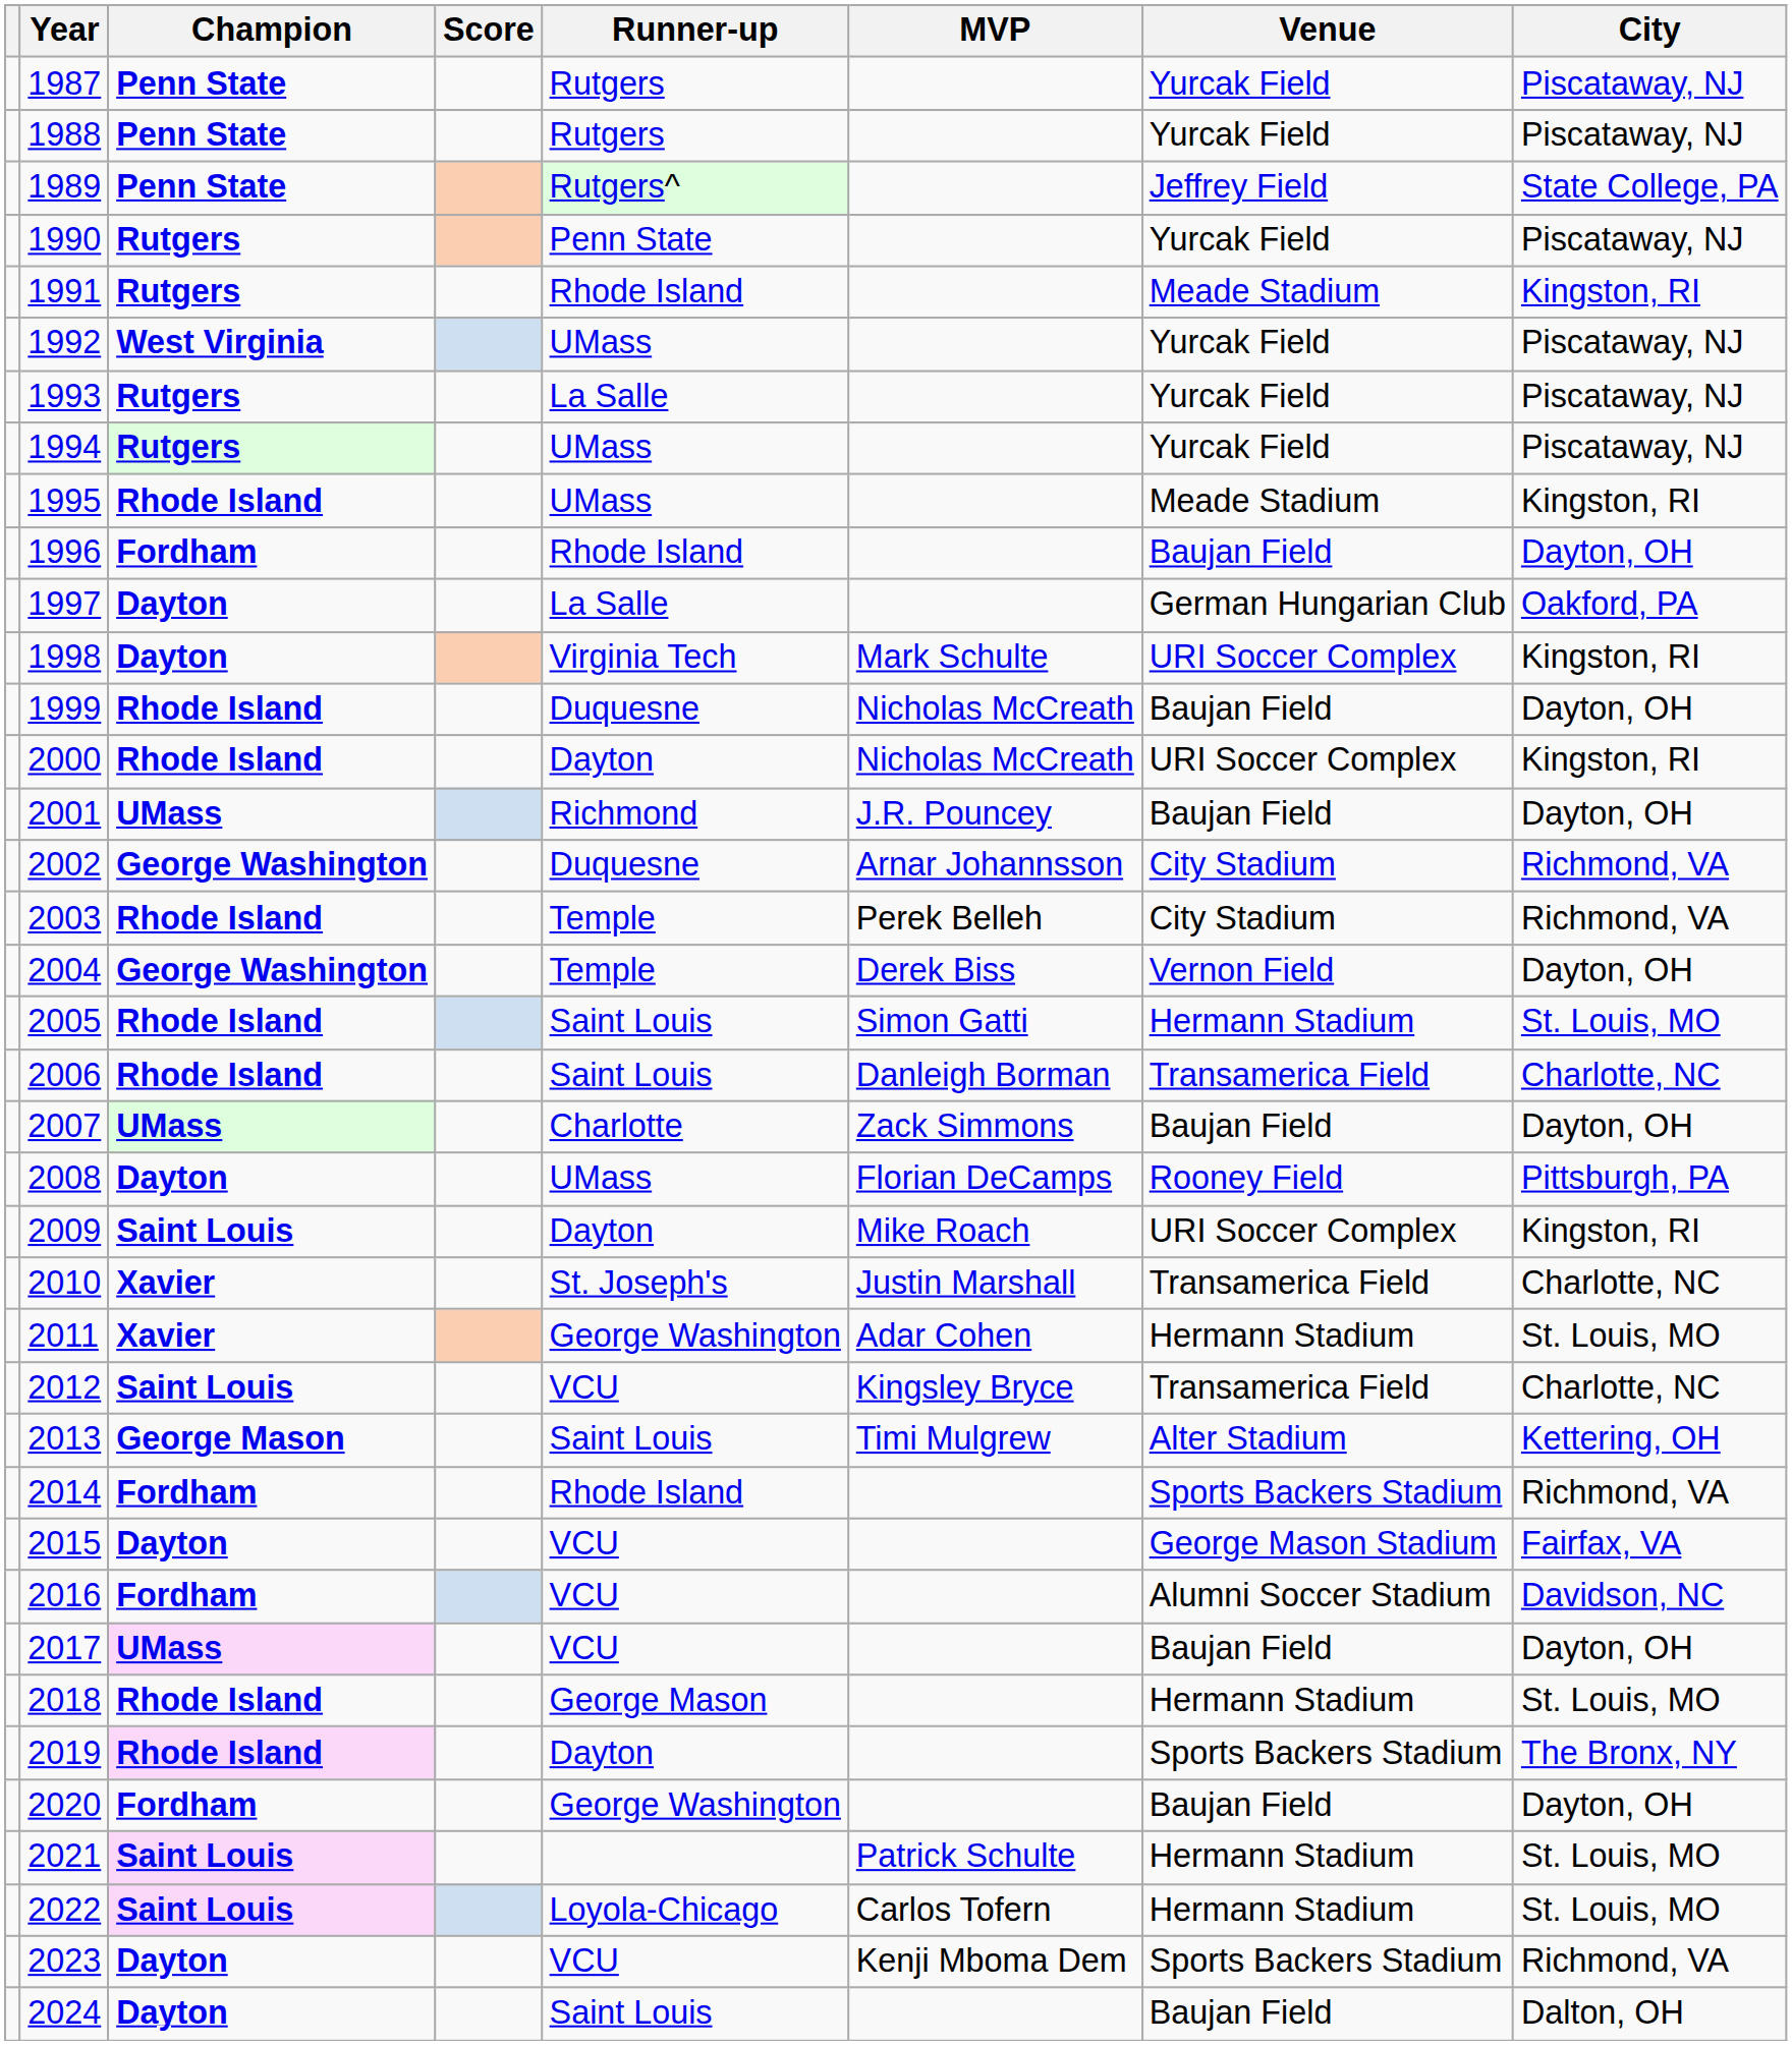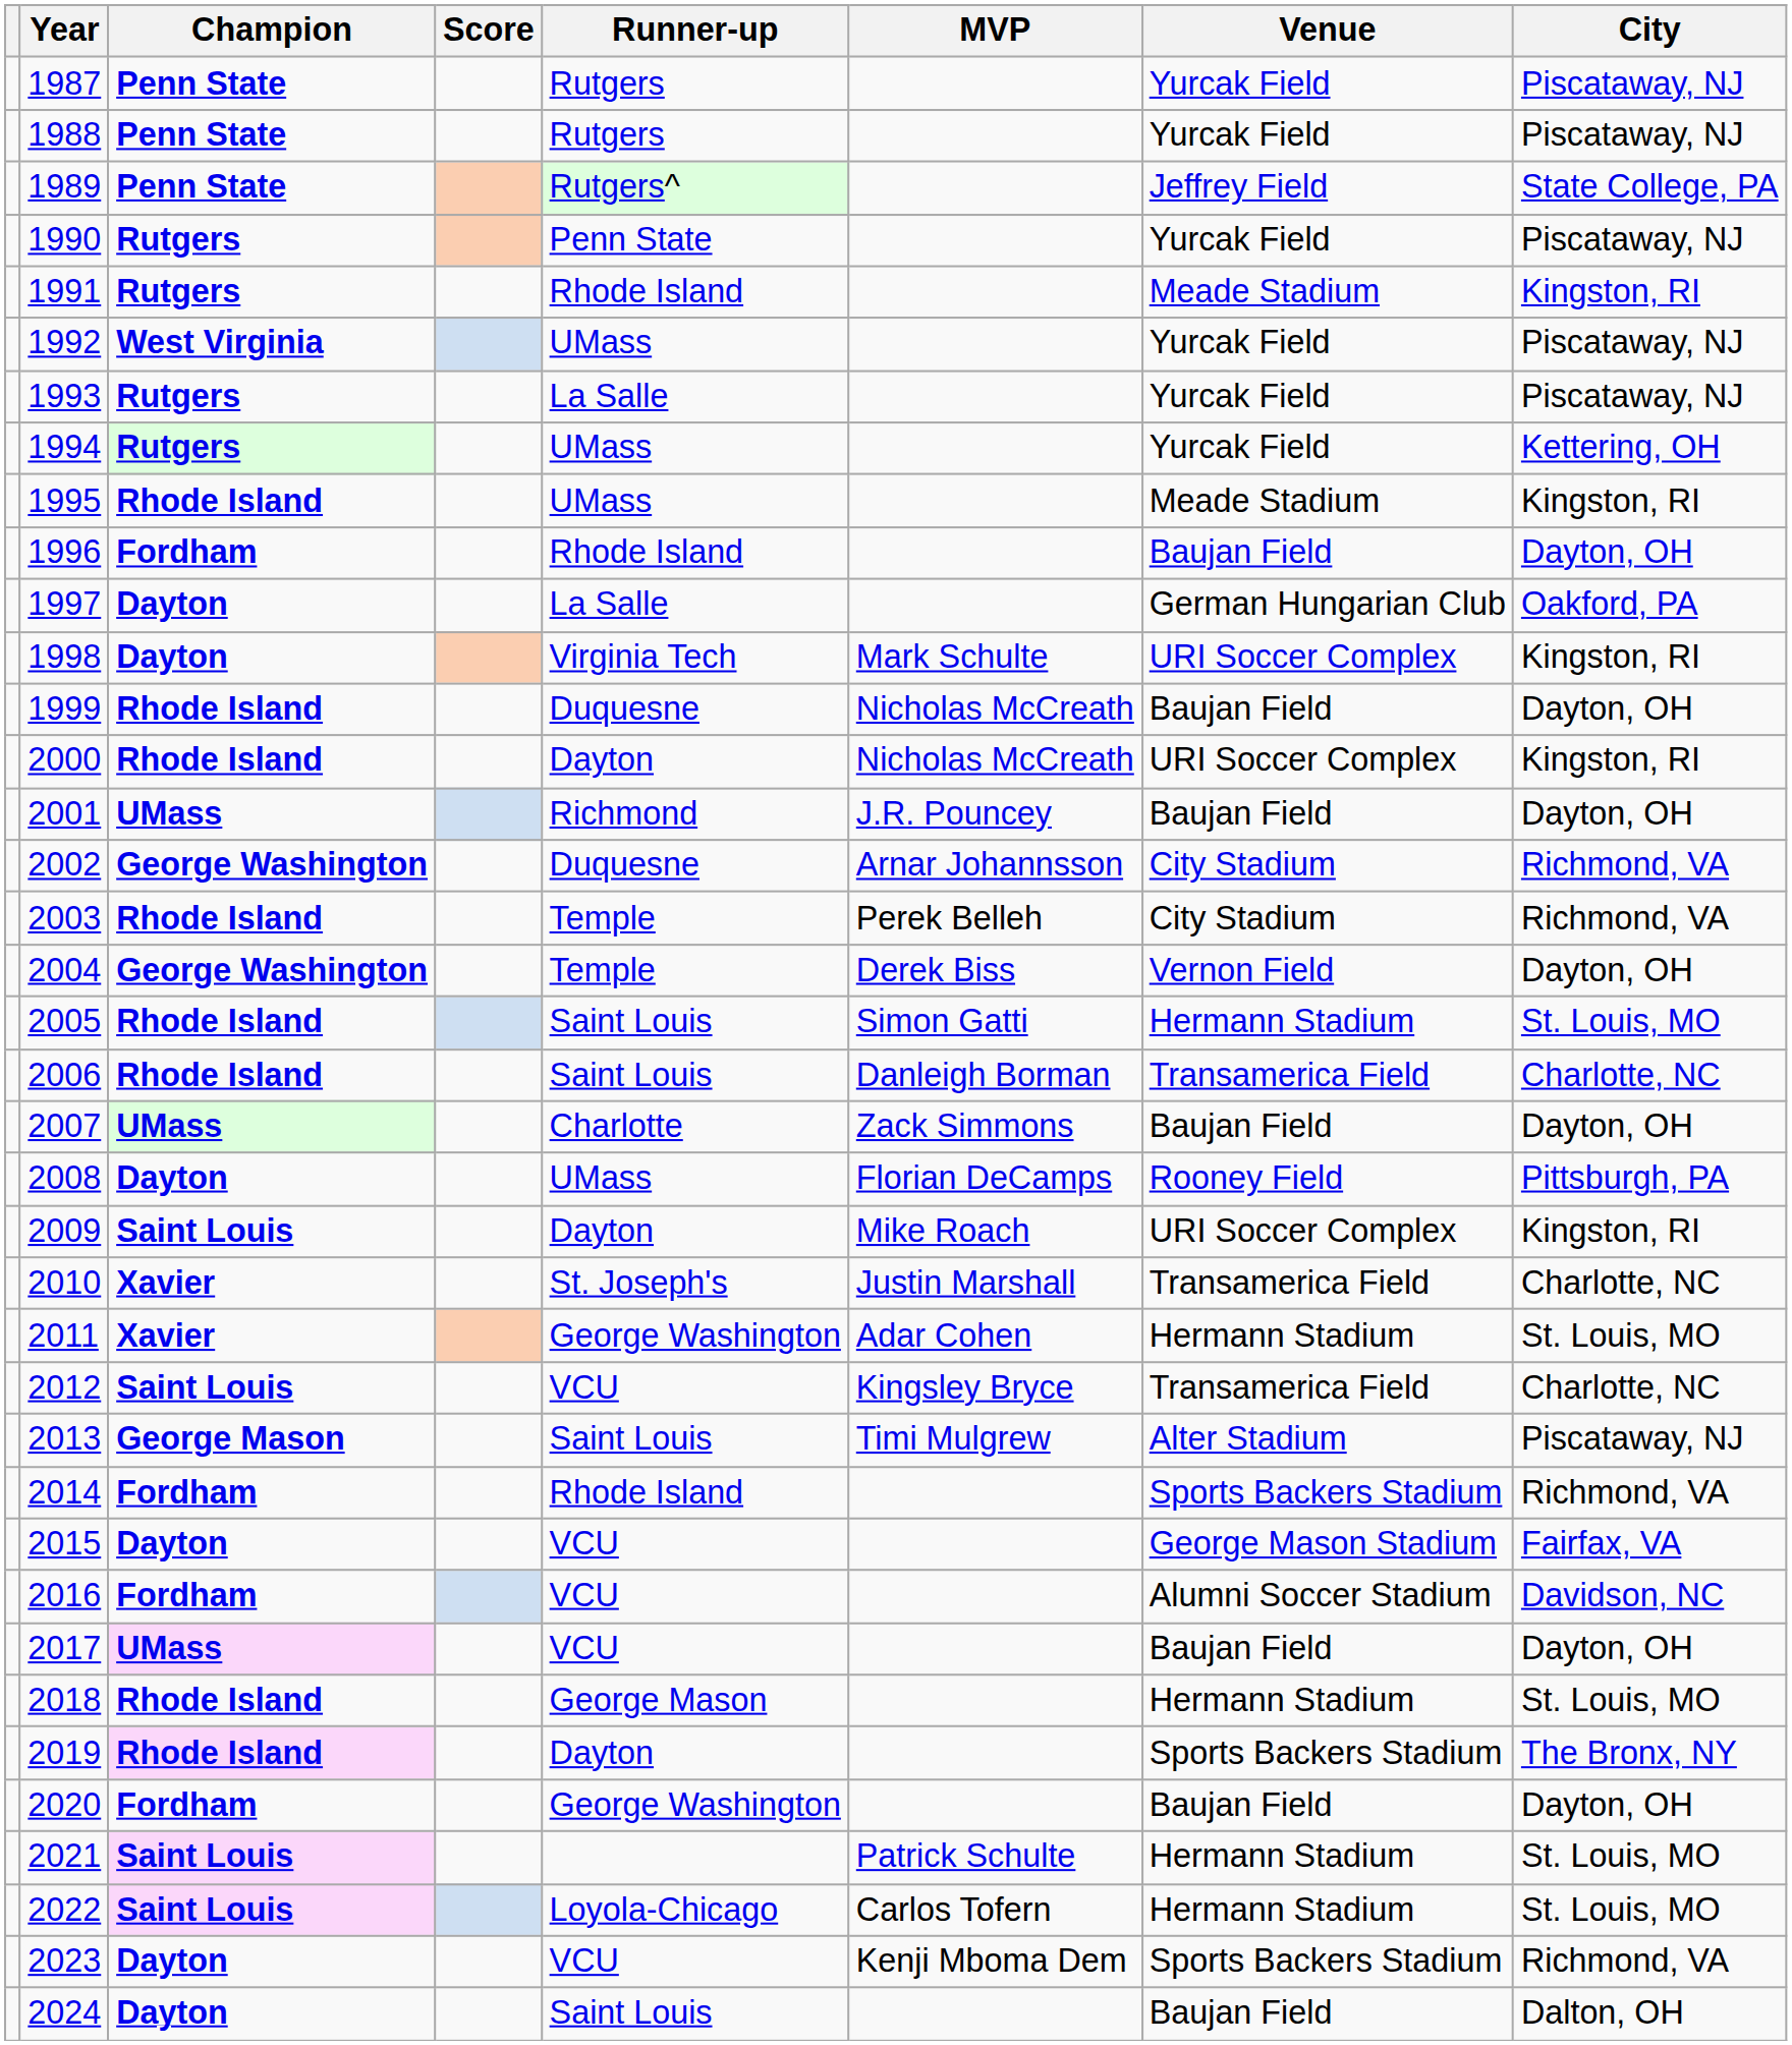 <table class="wikitable sortable" style="text-align:;">
 <tr>
 <th width=px></th>
 <th width=px>Year</th>
 <th width=px>Champion</th>
 <th width=px>Score</th>
 <th width=px>Runner-up</th>
 <th width=px>MVP</th>
 <th width=px>Venue</th>
 <th width=px>City</th>
 </tr>
 <tr>
 <td></td>
 <td><a href='#'>1987</a></td>
 <td><strong><a href='#'>Penn State</a></strong> </td>
 <td></td>
 <td><a href='#'>Rutgers</a></td>
 <td></td>
 <td><a href='#'>Yurcak Field</a></td>
 <td><a href='#'>Piscataway, NJ</a></td>
 </tr>
 <tr>
 <td></td>
 <td><a href='#'>1988</a></td>
 <td><strong><a href='#'>Penn State</a></strong> </td>
 <td></td>
 <td><a href='#'>Rutgers</a></td>
 <td></td>
 <td>Yurcak Field</td>
 <td>Piscataway, NJ</td>
 </tr>
 <tr>
 <td></td>
 <td><a href='#'>1989</a></td>
 <td><strong><a href='#'>Penn State</a></strong> </td>
 <td style="background-color:#FBCEB1"></td>
 <td bgcolor="#ddffdd"><a href='#'>Rutgers</a>^</td>
 <td></td>
 <td><a href='#'>Jeffrey Field</a></td>
 <td><a href='#'>State College, PA</a></td>
 </tr>
 <tr>
 <td></td>
 <td><a href='#'>1990</a></td>
 <td><strong><a href='#'>Rutgers</a></strong> </td>
 <td style="background-color:#FBCEB1"></td>
 <td><a href='#'>Penn State</a></td>
 <td></td>
 <td>Yurcak Field</td>
 <td>Piscataway, NJ</td>
 </tr>
 <tr>
 <td></td>
 <td><a href='#'>1991</a></td>
 <td><strong><a href='#'>Rutgers</a></strong> </td>
 <td></td>
 <td><a href='#'>Rhode Island</a></td>
 <td></td>
 <td><a href='#'>Meade Stadium</a></td>
 <td><a href='#'>Kingston, RI</a></td>
 </tr>
 <tr>
 <td></td>
 <td><a href='#'>1992</a></td>
 <td><strong><a href='#'>West Virginia</a></strong> </td>
 <td style="background-color:#cedff2"></td>
 <td><a href='#'>UMass</a></td>
 <td></td>
 <td>Yurcak Field</td>
 <td>Piscataway, NJ</td>
 </tr>
 <tr>
 <td></td>
 <td><a href='#'>1993</a></td>
 <td><strong><a href='#'>Rutgers</a></strong> </td>
 <td></td>
 <td><a href='#'>La Salle</a></td>
 <td></td>
 <td>Yurcak Field</td>
 <td>Piscataway, NJ</td>
 </tr>
 <tr>
 <td></td>
 <td><a href='#'>1994</a></td>
 <td bgcolor="#ddffdd"><strong><a href='#'>Rutgers</a></strong> </td>
 <td></td>
 <td><a href='#'>UMass</a></td>
 <td></td>
 <td>Yurcak Field</td>
-<td>Piscataway, NJ</td>
+<td><a href='#'>Kettering, OH</a></td>
 </tr>
 <tr>
 <td></td>
 <td><a href='#'>1995</a></td>
 <td><strong><a href='#'>Rhode Island</a></strong> </td>
 <td></td>
 <td><a href='#'>UMass</a></td>
 <td></td>
 <td>Meade Stadium</td>
 <td>Kingston, RI</td>
 </tr>
 <tr>
 <td></td>
 <td><a href='#'>1996</a></td>
 <td><strong><a href='#'>Fordham</a></strong> </td>
 <td></td>
 <td><a href='#'>Rhode Island</a></td>
 <td></td>
 <td><a href='#'>Baujan Field</a></td>
 <td><a href='#'>Dayton, OH</a></td>
 </tr>
 <tr>
 <td></td>
 <td><a href='#'>1997</a></td>
 <td><strong><a href='#'>Dayton</a></strong> </td>
 <td></td>
 <td><a href='#'>La Salle</a></td>
 <td></td>
 <td>German Hungarian Club</td>
 <td><a href='#'>Oakford, PA</a></td>
 </tr>
 <tr>
 <td></td>
 <td><a href='#'>1998</a></td>
 <td><strong><a href='#'>Dayton</a></strong> </td>
 <td style="background-color:#FBCEB1"></td>
 <td><a href='#'>Virginia Tech</a></td>
 <td><a href='#'>Mark Schulte</a></td>
 <td><a href='#'>URI Soccer Complex</a></td>
 <td>Kingston, RI</td>
 </tr>
 <tr>
 <td></td>
 <td><a href='#'>1999</a></td>
 <td><strong><a href='#'>Rhode Island</a></strong> </td>
 <td></td>
 <td><a href='#'>Duquesne</a></td>
 <td><a href='#'>Nicholas McCreath</a></td>
 <td>Baujan Field</td>
 <td>Dayton, OH</td>
 </tr>
 <tr>
 <td></td>
 <td><a href='#'>2000</a></td>
 <td><strong><a href='#'>Rhode Island</a></strong> </td>
 <td></td>
 <td><a href='#'>Dayton</a></td>
 <td><a href='#'>Nicholas McCreath</a></td>
 <td>URI Soccer Complex</td>
 <td>Kingston, RI</td>
 </tr>
 <tr>
 <td></td>
 <td><a href='#'>2001</a></td>
 <td><strong><a href='#'>UMass</a></strong> </td>
 <td style="background-color:#cedff2"></td>
 <td><a href='#'>Richmond</a></td>
 <td><a href='#'>J.R. Pouncey</a></td>
 <td>Baujan Field</td>
 <td>Dayton, OH</td>
 </tr>
 <tr>
 <td></td>
 <td><a href='#'>2002</a></td>
 <td><strong><a href='#'>George Washington</a></strong> </td>
 <td></td>
 <td><a href='#'>Duquesne</a></td>
 <td><a href='#'>Arnar Johannsson</a></td>
 <td><a href='#'>City Stadium</a></td>
 <td><a href='#'>Richmond, VA</a></td>
 </tr>
 <tr>
 <td></td>
 <td><a href='#'>2003</a></td>
 <td><strong><a href='#'>Rhode Island</a></strong> </td>
 <td></td>
 <td><a href='#'>Temple</a></td>
 <td>Perek Belleh</td>
 <td>City Stadium</td>
 <td>Richmond, VA</td>
 </tr>
 <tr>
 <td></td>
 <td><a href='#'>2004</a></td>
 <td><strong><a href='#'>George Washington</a></strong> </td>
 <td></td>
 <td><a href='#'>Temple</a></td>
 <td><a href='#'>Derek Biss</a></td>
 <td><a href='#'>Vernon Field</a></td>
 <td>Dayton, OH</td>
 </tr>
 <tr>
 <td></td>
 <td><a href='#'>2005</a></td>
 <td><strong><a href='#'>Rhode Island</a></strong> </td>
 <td style="background-color:#cedff2"></td>
 <td><a href='#'>Saint Louis</a></td>
 <td><a href='#'>Simon Gatti</a></td>
 <td><a href='#'>Hermann Stadium</a></td>
 <td><a href='#'>St. Louis, MO</a></td>
 </tr>
 <tr>
 <td></td>
 <td><a href='#'>2006</a></td>
 <td><strong><a href='#'>Rhode Island</a></strong> </td>
 <td></td>
 <td><a href='#'>Saint Louis</a></td>
 <td><a href='#'>Danleigh Borman</a></td>
 <td><a href='#'>Transamerica Field</a></td>
 <td><a href='#'>Charlotte, NC</a></td>
 </tr>
 <tr>
 <td></td>
 <td><a href='#'>2007</a></td>
 <td bgcolor="#ddffdd"><strong><a href='#'>UMass</a></strong> </td>
 <td></td>
 <td><a href='#'>Charlotte</a></td>
 <td><a href='#'>Zack Simmons</a></td>
 <td>Baujan Field</td>
 <td>Dayton, OH</td>
 </tr>
 <tr>
 <td></td>
 <td><a href='#'>2008</a></td>
 <td><strong><a href='#'>Dayton</a></strong> </td>
 <td></td>
 <td><a href='#'>UMass</a></td>
 <td><a href='#'>Florian DeCamps</a></td>
 <td><a href='#'>Rooney Field</a></td>
 <td><a href='#'>Pittsburgh, PA</a></td>
 </tr>
 <tr>
 <td></td>
 <td><a href='#'>2009</a></td>
 <td><strong><a href='#'>Saint Louis</a></strong> </td>
 <td></td>
 <td><a href='#'>Dayton</a></td>
 <td><a href='#'>Mike Roach</a></td>
 <td>URI Soccer Complex</td>
 <td>Kingston, RI</td>
 </tr>
 <tr>
 <td></td>
 <td><a href='#'>2010</a></td>
 <td><strong><a href='#'>Xavier</a></strong> </td>
 <td></td>
 <td><a href='#'>St. Joseph's</a></td>
 <td><a href='#'>Justin Marshall</a></td>
 <td>Transamerica Field</td>
 <td>Charlotte, NC</td>
 </tr>
 <tr>
 <td></td>
 <td><a href='#'>2011</a></td>
 <td><strong><a href='#'>Xavier</a></strong> </td>
 <td style="background-color:#FBCEB1"></td>
 <td><a href='#'>George Washington</a></td>
 <td><a href='#'>Adar Cohen</a></td>
 <td>Hermann Stadium</td>
 <td>St. Louis, MO</td>
 </tr>
 <tr>
 <td></td>
 <td><a href='#'>2012</a></td>
 <td><strong><a href='#'>Saint Louis</a></strong> </td>
 <td></td>
 <td><a href='#'>VCU</a></td>
 <td><a href='#'>Kingsley Bryce</a></td>
 <td>Transamerica Field</td>
 <td>Charlotte, NC</td>
 </tr>
 <tr>
 <td></td>
 <td><a href='#'>2013</a></td>
 <td><strong><a href='#'>George Mason</a></strong> </td>
 <td></td>
 <td><a href='#'>Saint Louis</a></td>
 <td><a href='#'>Timi Mulgrew</a></td>
 <td><a href='#'>Alter Stadium</a></td>
-<td><a href='#'>Kettering, OH</a></td>
+<td>Piscataway, NJ</td>
 </tr>
 <tr>
 <td></td>
 <td><a href='#'>2014</a></td>
 <td><strong><a href='#'>Fordham</a></strong> </td>
 <td></td>
 <td><a href='#'>Rhode Island</a></td>
 <td></td>
 <td><a href='#'>Sports Backers Stadium</a></td>
 <td>Richmond, VA</td>
 </tr>
 <tr>
 <td></td>
 <td><a href='#'>2015</a></td>
 <td><strong><a href='#'>Dayton</a></strong> </td>
 <td></td>
 <td><a href='#'>VCU</a></td>
 <td></td>
 <td><a href='#'>George Mason Stadium</a></td>
 <td><a href='#'>Fairfax, VA</a></td>
 </tr>
 <tr>
 <td></td>
 <td><a href='#'>2016</a></td>
 <td><strong><a href='#'>Fordham</a></strong> </td>
 <td style="background-color:#cedff2"></td>
 <td><a href='#'>VCU</a></td>
 <td></td>
 <td>Alumni Soccer Stadium</td>
 <td><a href='#'>Davidson, NC</a></td>
 </tr>
 <tr>
 <td></td>
 <td><a href='#'>2017</a></td>
 <td bgcolor=#FBD7FA><strong><a href='#'>UMass</a></strong> </td>
 <td></td>
 <td><a href='#'>VCU</a></td>
 <td></td>
 <td>Baujan Field</td>
 <td>Dayton, OH</td>
 </tr>
 <tr>
 <td></td>
 <td><a href='#'>2018</a></td>
 <td><strong><a href='#'>Rhode Island</a></strong> </td>
 <td></td>
 <td><a href='#'>George Mason</a></td>
 <td></td>
 <td>Hermann Stadium</td>
 <td>St. Louis, MO</td>
 </tr>
 <tr>
 <td></td>
 <td><a href='#'>2019</a></td>
 <td bgcolor=#FBD7FA><strong><a href='#'>Rhode Island</a></strong> </td>
 <td></td>
 <td><a href='#'>Dayton</a></td>
 <td></td>
 <td>Sports Backers Stadium</td>
 <td><a href='#'>The Bronx, NY</a></td>
 </tr>
 <tr>
 <td></td>
 <td><a href='#'>2020</a></td>
 <td><strong><a href='#'>Fordham</a></strong> </td>
 <td></td>
 <td><a href='#'>George Washington</a></td>
 <td></td>
 <td>Baujan Field</td>
 <td>Dayton, OH</td>
 </tr>
 <tr>
 <td></td>
 <td><a href='#'>2021</a></td>
 <td bgcolor=#FBD7FA><strong><a href='#'>Saint Louis</a></strong> </td>
 <td></td>
 <td></td>
 <td><a href='#'>Patrick Schulte</a></td>
 <td>Hermann Stadium</td>
 <td>St. Louis, MO</td>
 </tr>
 <tr>
 <td></td>
 <td><a href='#'>2022</a></td>
 <td bgcolor=#FBD7FA><strong><a href='#'>Saint Louis</a></strong> </td>
 <td style="background-color:#cedff2"></td>
 <td><a href='#'>Loyola-Chicago</a></td>
 <td>Carlos Tofern</td>
 <td>Hermann Stadium</td>
 <td>St. Louis, MO</td>
 </tr>
 <tr>
 <td></td>
 <td><a href='#'>2023</a></td>
 <td><strong><a href='#'>Dayton</a></strong> </td>
 <td></td>
 <td><a href='#'>VCU</a></td>
 <td>Kenji Mboma Dem</td>
 <td>Sports Backers Stadium</td>
 <td>Richmond, VA</td>
 </tr>
 <tr>
 <td></td>
 <td><a href='#'>2024</a></td>
 <td><strong><a href='#'>Dayton</a></strong> </td>
 <td></td>
 <td><a href='#'>Saint Louis</a></td>
 <td></td>
 <td>Baujan Field</td>
 <td>Dalton, OH</td>
 </tr>
 </table>
